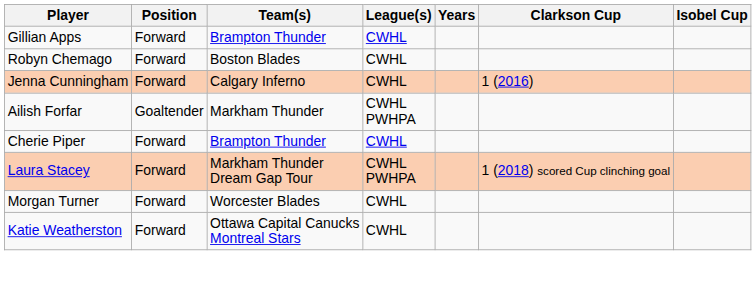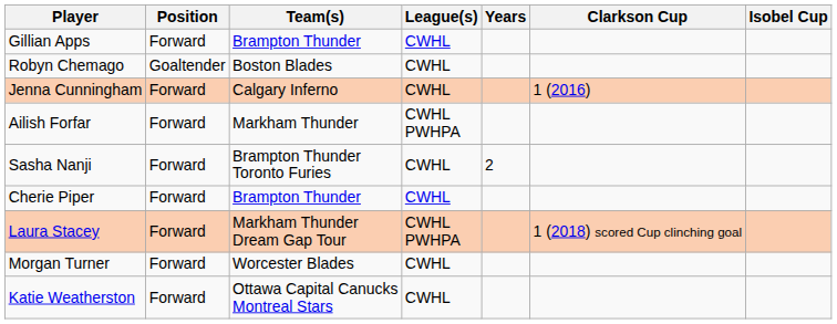 <table class="wikitable sortable">
 <tr>
 <th>Player</th>
 <th>Position</th>
 <th>Team(s)</th>
 <th>League(s)</th>
 <th>Years</th>
 <th>Clarkson Cup</th>
 <th>Isobel Cup</th>
 </tr>
 <tr bgcolor=>
 <td>Gillian Apps</td>
 <td>Forward</td>
 <td><a href='#'>Brampton Thunder</a></td>
 <td><a href='#'>CWHL</a></td>
 <td></td>
 <td></td>
 <td></td>
 </tr>
 <tr bgcolor=>
 <td>Robyn Chemago</td>
-<td>Forward</td>
+<td>Goaltender</td>
 <td>Boston Blades</td>
 <td>CWHL</td>
 <td></td>
 <td></td>
 <td></td>
 </tr>
 <tr bgcolor=FBCEB1>
 <td>Jenna Cunningham</td>
 <td>Forward</td>
 <td>Calgary Inferno</td>
 <td>CWHL</td>
 <td></td>
 <td>1 (<a href='#'>2016</a>)</td>
 <td></td>
 </tr>
 <tr bgcolor=>
 <td>Ailish Forfar</td>
-<td>Goaltender</td>
+<td>Forward</td>
 <td>Markham Thunder</td>
 <td>CWHL<br>PWHPA</td>
 <td></td>
+<td></td>
+<td></td>
+</tr>
+<tr bgcolor=>
+<td>Sasha Nanji</td>
+<td>Forward</td>
+<td>Brampton Thunder<br>Toronto Furies</td>
+<td>CWHL</td>
+<td>2</td>
 <td></td>
 <td></td>
 </tr>
 <tr bgcolor=>
 <td>Cherie Piper</td>
 <td>Forward</td>
 <td><a href='#'>Brampton Thunder</a></td>
 <td><a href='#'>CWHL</a></td>
 <td></td>
 <td></td>
 <td></td>
 </tr>
 <tr bgcolor= FBCEB1>
 <td><a href='#'>Laura Stacey</a></td>
 <td>Forward</td>
 <td>Markham Thunder<br>Dream Gap Tour</td>
 <td>CWHL<br>PWHPA</td>
 <td></td>
 <td>1 (<a href='#'>2018</a>) <small>scored Cup clinching goal</small></td>
 <td></td>
 </tr>
 <tr bgcolor=>
 <td>Morgan Turner</td>
 <td>Forward</td>
 <td>Worcester Blades</td>
 <td>CWHL</td>
 <td></td>
 <td></td>
 <td></td>
 </tr>
 <tr bgcolor=>
 <td><a href='#'>Katie Weatherston</a></td>
 <td>Forward</td>
 <td>Ottawa Capital Canucks<br><a href='#'>Montreal Stars</a></td>
 <td>CWHL</td>
 <td></td>
 <td></td>
 <td></td>
 </tr>
 </table>
